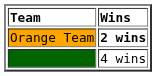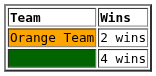 <table border="2">
 <tr>
 <td><strong>Team</strong></td>
 <td><strong>Wins</strong></td>
 </tr>
 <tr>
 <td bgcolor="orange">Orange Team</td>
-<td><strong>2 wins</strong></td>
+<td>2 wins</td>
 </tr>
 <tr>
 <td bgcolor="darkgreen"></td>
 <td>4 wins</td>
 </tr>
 </table>
